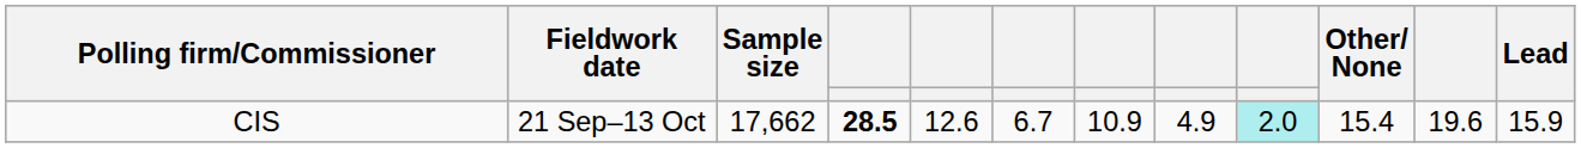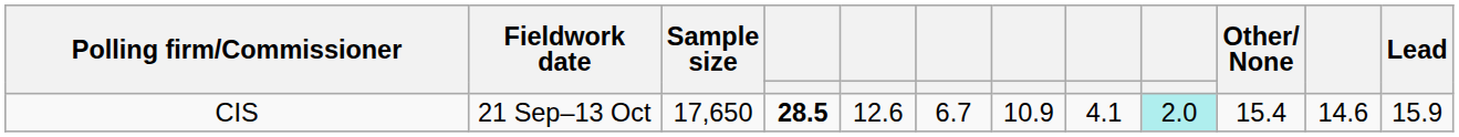 <table class="wikitable collapsible collapsed" style="text-align:center; font-size:90%; line-height:14px;">
 <tr style="height:42px;">
 <th style="width:250px;" rowspan="2">Polling firm/Commissioner</th>
 <th style="width:100px;" rowspan="2">Fieldwork date</th>
 <th style="width:50px;" rowspan="2">Sample size</th>
 <th style="width:35px;"></th>
 <th style="width:35px;"></th>
 <th style="width:35px;"></th>
 <th style="width:35px;"></th>
 <th style="width:35px;"></th>
 <th style="width:35px;"></th>
 <th style="width:35px;" rowspan="2">Other/<br>None</th>
 <th style="width:35px;" rowspan="2"></th>
 <th style="width:30px;" rowspan="2">Lead</th>
 </tr>
 <tr>
 <th style="color:inherit;background:"></th>
 <th style="color:inherit;background:"></th>
 <th style="color:inherit;background:"></th>
 <th style="color:inherit;background:"></th>
 <th style="color:inherit;background:"></th>
 <th style="color:inherit;background:"></th>
 </tr>
 <tr>
 <td>CIS</td>
 <td>21 Sep–13 Oct</td>
-<td>17,662</td>
+<td>17,650</td>
 <td><strong>28.5</strong></td>
 <td>12.6</td>
 <td>6.7</td>
 <td>10.9</td>
-<td>4.9</td>
+<td>4.1</td>
 <td style="background: paleturquoise;">2.0</td>
 <td>15.4</td>
-<td>19.6</td>
+<td>14.6</td>
 <td style="background:">15.9</td>
 </tr>
 </table>
